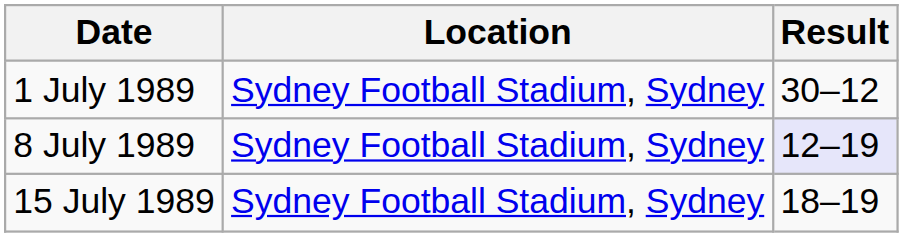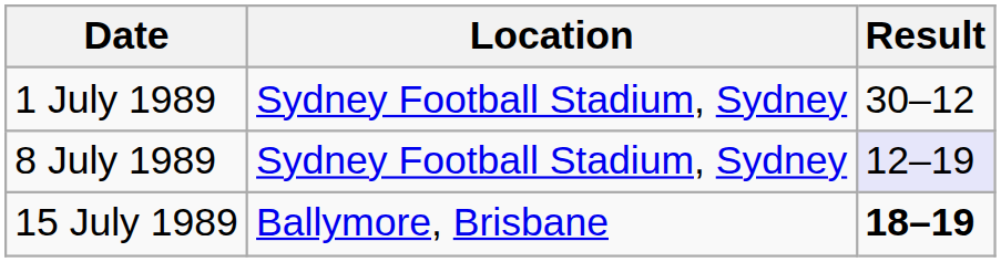 <table class="wikitable" style="align:center;">
 <tr>
 <th>Date</th>
 <th>Location</th>
 <th>Result</th>
 </tr>
 <tr>
 <td>1 July 1989</td>
 <td><a href='#'>Sydney Football Stadium</a>, <a href='#'>Sydney</a></td>
 <td> 30–12 </td>
 </tr>
 <tr>
 <td>8 July 1989</td>
 <td><a href='#'>Sydney Football Stadium</a>, <a href='#'>Sydney</a></td>
 <td style="background: lavender;"> 12–19 </td>
 </tr>
 <tr>
 <td>15 July 1989</td>
-<td><a href='#'>Sydney Football Stadium</a>, <a href='#'>Sydney</a></td>
-<td> 18–19 </td>
+<td><a href='#'>Ballymore</a>, <a href='#'>Brisbane</a></td>
+<td><strong> 18–19 </strong></td>
 </tr>
 </table>
